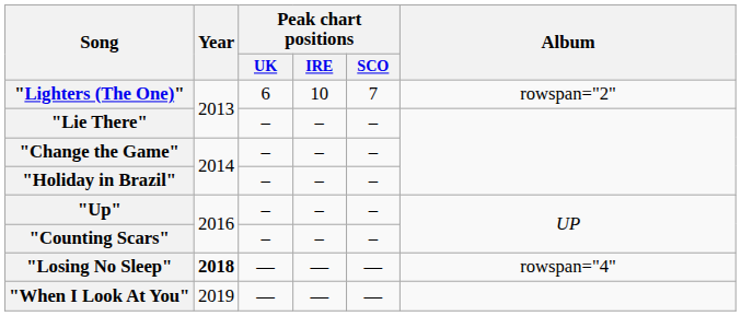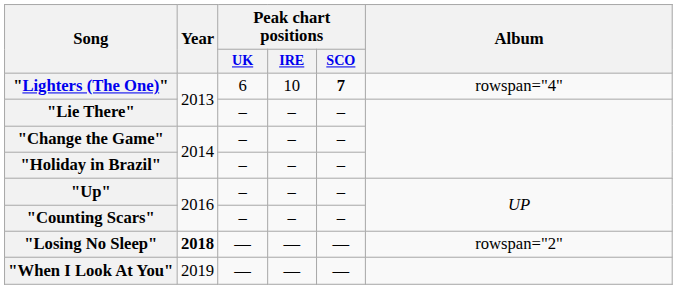 <table class="wikitable plainrowheaders" style="text-align:center;">
 <tr>
 <th scope="col" rowspan="2">Song</th>
 <th scope="col" rowspan="2">Year</th>
 <th scope="col" colspan="3">Peak chart positions</th>
 <th scope="col" rowspan="2" style="width:18em;">Album</th>
 </tr>
 <tr>
 <th scope="col" style="width:3em;font-size:85%;"><a href='#'>UK</a><br></th>
 <th scope="col" style="width:3em;font-size:85%;"><a href='#'>IRE</a><br></th>
 <th scope="col" style="width:3em;font-size:85%;"><a href='#'>SCO</a><br></th>
 </tr>
 <tr>
 <th scope="row">"<a href='#'>Lighters (The One)</a>"</th>
 <td rowspan="2">2013</td>
 <td>6</td>
 <td>10</td>
-<td>7</td>
-<td>rowspan="2" </td>
+<td><strong>7</strong></td>
+<td>rowspan="4" </td>
 </tr>
 <tr>
 <th scope="row">"Lie There"</th>
 <td>–</td>
 <td>–</td>
 <td>–</td>
 </tr>
 <tr>
 <th scope="row">"Change the Game"</th>
 <td rowspan="2">2014</td>
 <td>–</td>
 <td>–</td>
 <td>–</td>
 </tr>
 <tr>
 <th scope="row">"Holiday in Brazil"</th>
 <td>–</td>
 <td>–</td>
 <td>–</td>
 </tr>
 <tr>
 <th scope="row">"Up"</th>
 <td rowspan="2">2016</td>
 <td>–</td>
 <td>–</td>
 <td>–</td>
 <td rowspan="2"><em>UP</em></td>
 </tr>
 <tr>
 <th scope="row">"Counting Scars"</th>
 <td>–</td>
 <td>–</td>
 <td>–</td>
 </tr>
 <tr>
 <th scope="row">"Losing No Sleep"</th>
 <td rowspan="1"><strong>2018</strong></td>
 <td>—</td>
 <td>—</td>
 <td>—</td>
-<td>rowspan="4" </td>
+<td>rowspan="2" </td>
 </tr>
 <tr>
 <th scope="row">"When I Look At You"</th>
 <td rowspan="1">2019</td>
 <td>—</td>
 <td>—</td>
 <td>—</td>
 </tr>
 </table>
